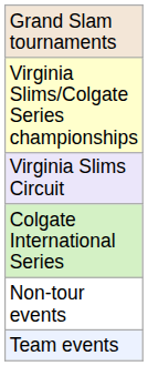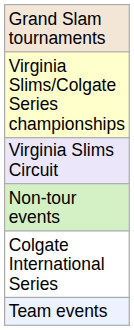 <table class=wikitable  style=font-size:90%;width:16%>
 <tr style="background:#F3E6D7;">
 <td>Grand Slam tournaments</td>
 </tr>
 <tr style="background:#ffc;">
 <td>Virginia Slims/Colgate Series championships</td>
 </tr>
 <tr style="background:#ebe6fa;">
 <td>Virginia Slims Circuit</td>
 </tr>
 <tr style="background:#D4F1C5;">
-<td>Colgate International Series</td>
+<td>Non-tour events</td>
 </tr>
 <tr style="background:#fff;">
-<td>Non-tour events</td>
+<td>Colgate International Series</td>
 </tr>
 <tr style="background:#ECF2FF;">
 <td>Team events</td>
 </tr>
 </table>
